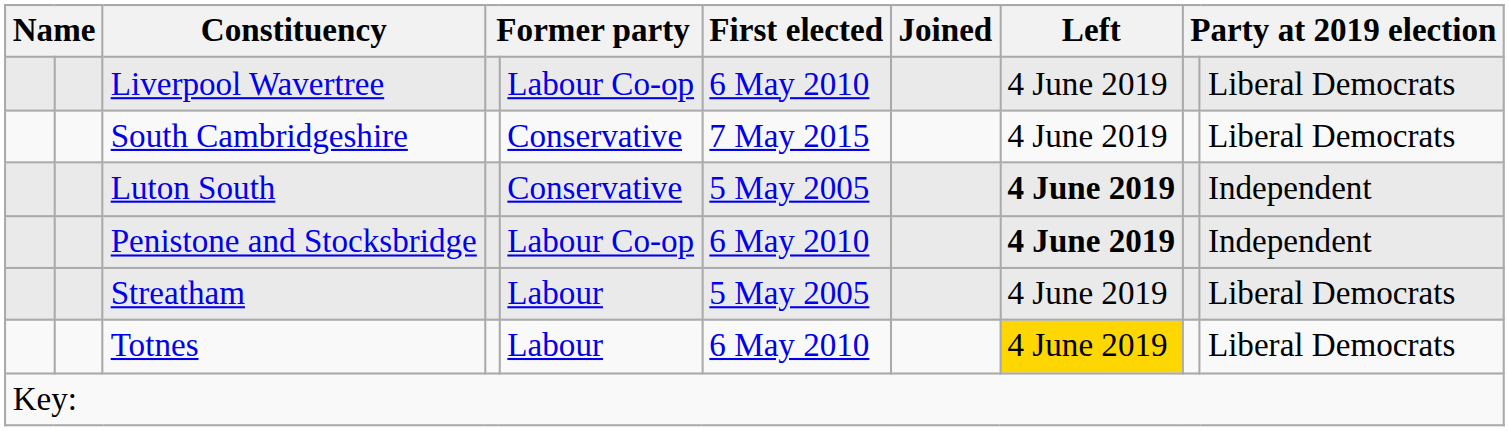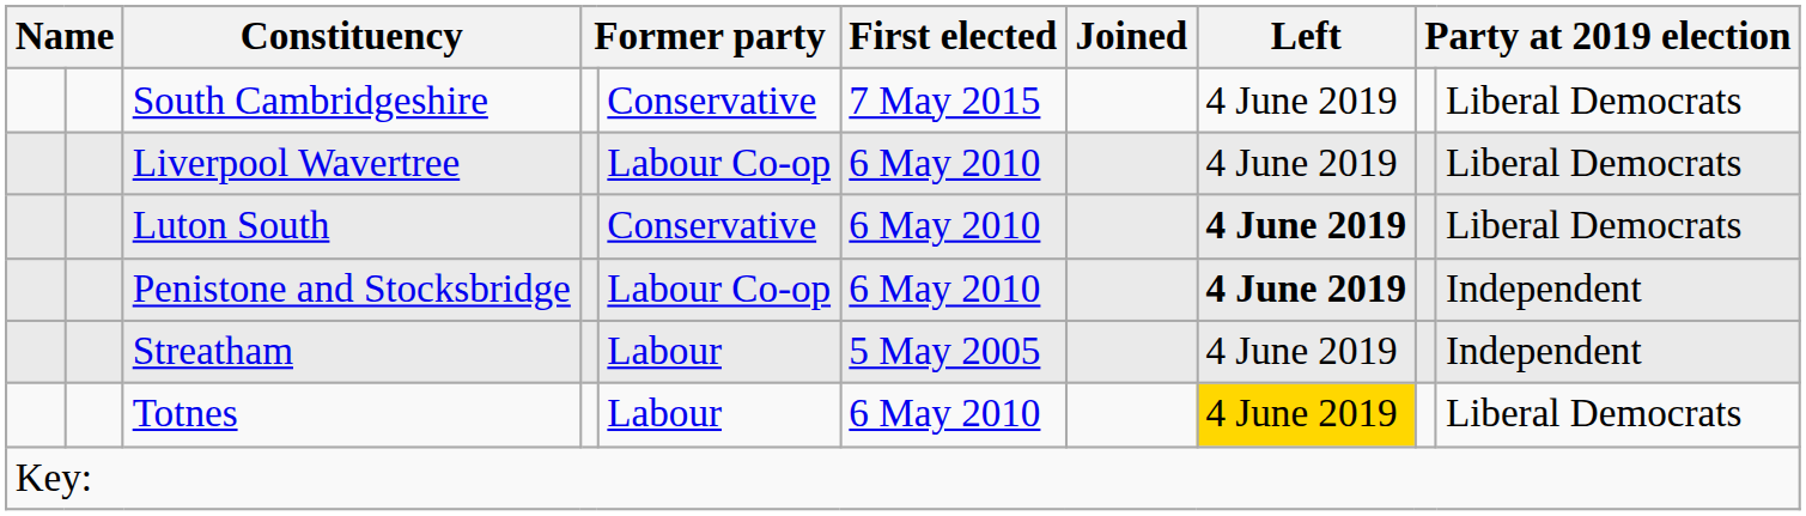 <table class="wikitable sortable">
 <tr>
 <th colspan="2">Name</th>
 <th>Constituency</th>
 <th colspan="2">Former party</th>
 <th>First elected</th>
 <th>Joined</th>
 <th>Left</th>
 <th colspan="2">Party at 2019 election</th>
-</tr>
-<tr style="background:#eaeaea;" |>
-<td></td>
-<td></td>
-<td><a href='#'>Liverpool Wavertree</a></td>
-<td style="background-color: "></td>
-<td><a href='#'>Labour Co-op</a></td>
-<td><a href='#'>6 May 2010</a></td>
-<td></td>
-<td>4 June 2019</td>
-<td style="background-color: "></td>
-<td>Liberal Democrats</td>
 </tr>
 <tr>
 <td></td>
 <td></td>
 <td><a href='#'>South Cambridgeshire</a></td>
 <td style="background-color: "></td>
 <td><a href='#'>Conservative</a></td>
 <td><a href='#'>7 May 2015</a></td>
 <td></td>
 <td>4 June 2019</td>
 <td style="background-color: "></td>
 <td>Liberal Democrats</td>
 </tr>
 <tr style="background:#eaeaea;" |>
 <td></td>
 <td></td>
+<td><a href='#'>Liverpool Wavertree</a></td>
+<td style="background-color: "></td>
+<td><a href='#'>Labour Co-op</a></td>
+<td><a href='#'>6 May 2010</a></td>
+<td></td>
+<td>4 June 2019</td>
+<td style="background-color: "></td>
+<td>Liberal Democrats</td>
+</tr>
+<tr style="background:#eaeaea;" |>
+<td></td>
+<td></td>
 <td><a href='#'>Luton South</a></td>
 <td style="background-color: "></td>
 <td><a href='#'>Conservative</a></td>
-<td><a href='#'>5 May 2005</a></td>
+<td><a href='#'>6 May 2010</a></td>
 <td></td>
 <td><strong>4 June 2019</strong></td>
 <td style="background-color: "></td>
-<td>Independent</td>
+<td>Liberal Democrats</td>
 </tr>
 <tr style="background:#eaeaea;" |>
 <td></td>
 <td></td>
 <td><a href='#'>Penistone and Stocksbridge</a></td>
 <td style="background-color: "></td>
 <td><a href='#'>Labour Co-op</a></td>
 <td><a href='#'>6 May 2010</a></td>
 <td></td>
 <td><strong>4 June 2019</strong></td>
 <td style="background-color: "></td>
 <td>Independent</td>
 </tr>
 <tr style="background:#eaeaea;" |>
 <td></td>
 <td></td>
 <td><a href='#'>Streatham</a></td>
 <td style="background-color: "></td>
 <td><a href='#'>Labour</a></td>
 <td><a href='#'>5 May 2005</a></td>
 <td></td>
 <td>4 June 2019</td>
 <td style="background-color: "></td>
-<td>Liberal Democrats</td>
+<td>Independent</td>
 </tr>
 <tr>
 <td></td>
 <td></td>
 <td><a href='#'>Totnes</a></td>
 <td style="background-color: "></td>
 <td><a href='#'>Labour</a></td>
 <td><a href='#'>6 May 2010</a></td>
 <td></td>
 <td style="background: gold;">4 June 2019</td>
 <td style="background-color: "></td>
 <td>Liberal Democrats</td>
 </tr>
 <tr class="sortbottom">
 <td colspan="10">Key: </td>
 </tr>
 </table>
